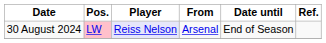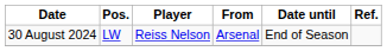 <table class="wikitable plainrowheaders sortable">
 <tr>
 <th style="background:white;color:black; ">Date</th>
 <th style="background:white;color:black; ">Pos.</th>
 <th style="background:white;color:black; ">Player</th>
 <th style="background:white;color:black; ">From</th>
 <th style="background:white;color:black; ">Date until</th>
 <th style="background:white;color:black; ">Ref.</th>
 </tr>
 <tr>
 <td>30 August 2024</td>
-<td style="background: pink;"><a href='#'>LW</a></td>
-<td style="background: lavender;"> <a href='#'>Reiss Nelson</a></td>
+<td><a href='#'>LW</a></td>
+<td> <a href='#'>Reiss Nelson</a></td>
 <td> <a href='#'>Arsenal</a></td>
 <td>End of Season</td>
 <td></td>
 </tr>
 <tr>
 </tr>
 </table>
